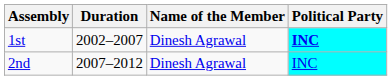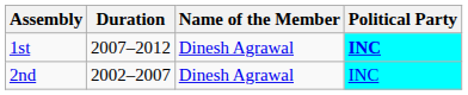 <table class="wikitable" style="font-size: x-big; font-family: verdana">
 <tr>
 <th>Assembly</th>
 <th>Duration</th>
 <th>Name of the Member</th>
 <th>Political Party</th>
 </tr>
 <tr>
 <td><a href='#'>1st</a></td>
-<td>2002–2007</td>
+<td>2007–2012</td>
 <td><a href='#'>Dinesh Agrawal</a></td>
 <td bgcolor="#00FFFF"><strong><a href='#'>INC</a></strong></td>
 </tr>
 <tr>
 <td><a href='#'>2nd</a></td>
-<td>2007–2012</td>
+<td>2002–2007</td>
 <td><a href='#'>Dinesh Agrawal</a></td>
 <td bgcolor="#00FFFF"><a href='#'>INC</a></td>
 </tr>
 </table>
